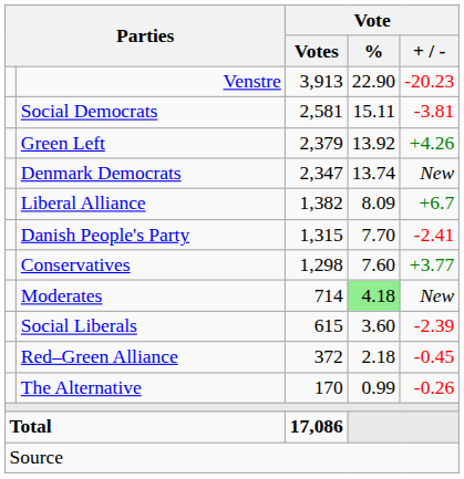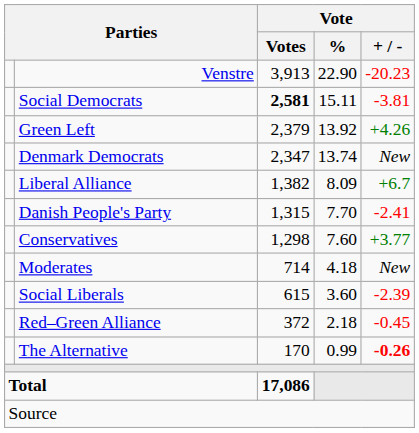 <table class="wikitable" style="text-align:right;">
 <tr>
 <th style="text-align:centre;" rowspan="2" colspan="2" width="225">Parties</th>
 <th colspan="3">Vote</th>
 </tr>
 <tr>
 <th width="15">Votes</th>
 <th width="15">%</th>
 <th width="15">+ / -</th>
 </tr>
 <tr>
 <td width=2 bgcolor=></td>
 <td><a href='#'>Venstre</a></td>
 <td>3,913</td>
 <td>22.90</td>
 <td style=color:red;>-20.23</td>
 </tr>
 <tr>
 <td width=2 bgcolor=></td>
 <td align=left><a href='#'>Social Democrats</a></td>
-<td>2,581</td>
+<td><strong>2,581</strong></td>
 <td>15.11</td>
 <td style=color:red;>-3.81</td>
 </tr>
 <tr>
 <td width=2 bgcolor=></td>
 <td align=left><a href='#'>Green Left</a></td>
 <td>2,379</td>
 <td>13.92</td>
 <td style=color:green;>+4.26</td>
 </tr>
 <tr>
 <td width=2 bgcolor=></td>
 <td align=left><a href='#'>Denmark Democrats</a></td>
 <td>2,347</td>
 <td>13.74</td>
 <td><em>New</em></td>
 </tr>
 <tr>
 <td width=2 bgcolor=></td>
 <td align=left><a href='#'>Liberal Alliance</a></td>
 <td>1,382</td>
 <td>8.09</td>
 <td style=color:green;>+6.7</td>
 </tr>
 <tr>
 <td width=2 bgcolor=></td>
 <td align=left><a href='#'>Danish People's Party</a></td>
 <td>1,315</td>
 <td>7.70</td>
 <td style=color:red;>-2.41</td>
 </tr>
 <tr>
 <td width=2 bgcolor=></td>
 <td align=left><a href='#'>Conservatives</a></td>
 <td>1,298</td>
 <td>7.60</td>
 <td style=color:green;>+3.77</td>
 </tr>
 <tr>
 <td width=2 bgcolor=></td>
 <td align=left><a href='#'>Moderates</a></td>
 <td>714</td>
-<td style="background: lightgreen;">4.18</td>
+<td>4.18</td>
 <td><em>New</em></td>
 </tr>
 <tr>
 <td width=2 bgcolor=></td>
 <td align=left><a href='#'>Social Liberals</a></td>
 <td>615</td>
 <td>3.60</td>
 <td style=color:red;>-2.39</td>
 </tr>
 <tr>
 <td width=2 bgcolor=></td>
 <td align=left><a href='#'>Red–Green Alliance</a></td>
 <td>372</td>
 <td>2.18</td>
 <td style=color:red;>-0.45</td>
 </tr>
 <tr>
 <td width=2 bgcolor=></td>
 <td align=left><a href='#'>The Alternative</a></td>
 <td>170</td>
 <td>0.99</td>
-<td style=color:red;>-0.26</td>
+<td style=color:red;><strong>-0.26</strong></td>
 </tr>
 <tr>
 <td colspan="7" bgcolor="#E9E9E9"></td>
 </tr>
 <tr>
 <td align="left" colspan="2"><strong>Total</strong></td>
 <td><strong>17,086</strong></td>
 <td bgcolor=#E9E9E9 colspan=2></td>
 </tr>
 <tr>
 <td align="left" colspan="6">Source</td>
 </tr>
 </table>
